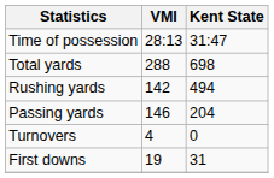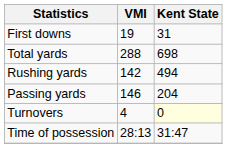 <table class="wikitable">
 <tr>
 <th>Statistics</th>
 <th>VMI</th>
 <th>Kent State</th>
 </tr>
 <tr>
-<td>Time of possession</td>
-<td>28:13</td>
-<td>31:47</td>
+<td>First downs</td>
+<td>19</td>
+<td>31</td>
 </tr>
 <tr>
 <td>Total yards</td>
 <td>288</td>
 <td>698</td>
 </tr>
 <tr>
 <td>Rushing yards</td>
 <td>142</td>
 <td>494</td>
 </tr>
 <tr>
 <td>Passing yards</td>
 <td>146</td>
 <td>204</td>
 </tr>
 <tr>
 <td>Turnovers</td>
 <td>4</td>
-<td>0</td>
+<td style="background: lightyellow;">0</td>
 </tr>
 <tr>
-<td>First downs</td>
-<td>19</td>
-<td>31</td>
+<td>Time of possession</td>
+<td>28:13</td>
+<td>31:47</td>
 </tr>
 <tr>
 </tr>
 </table>
